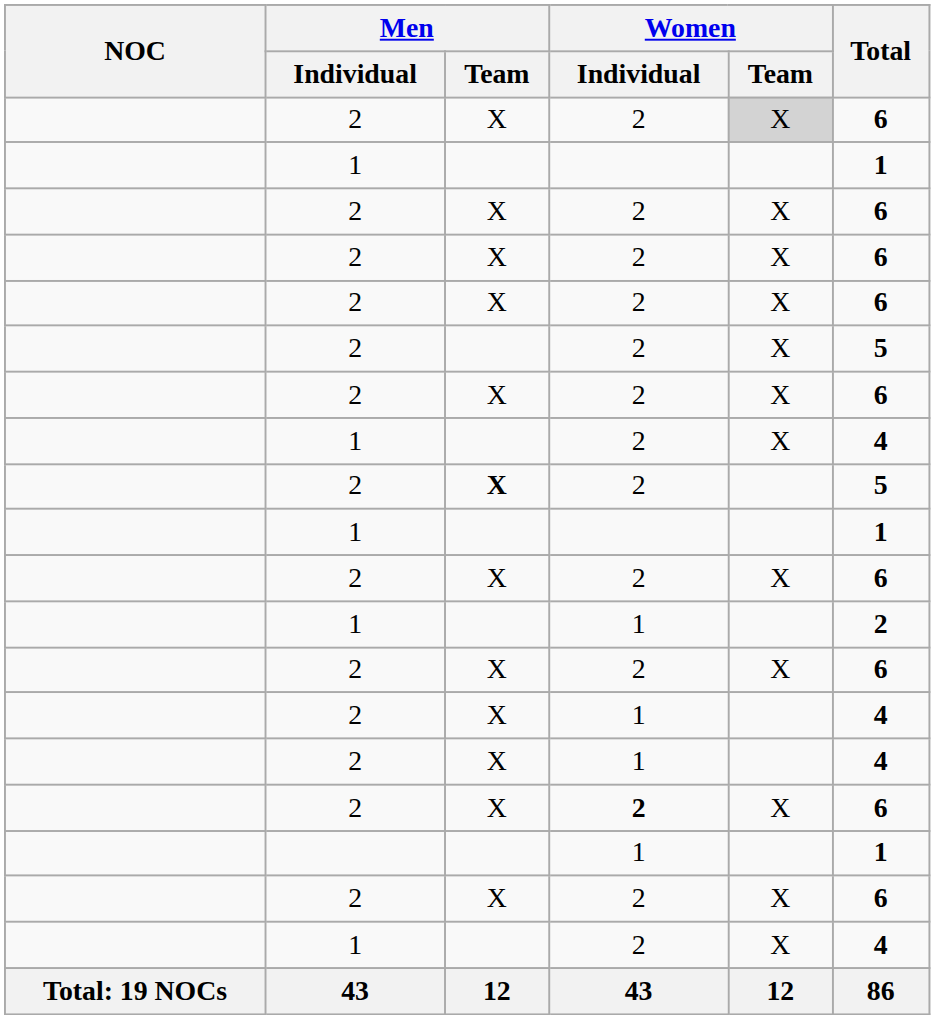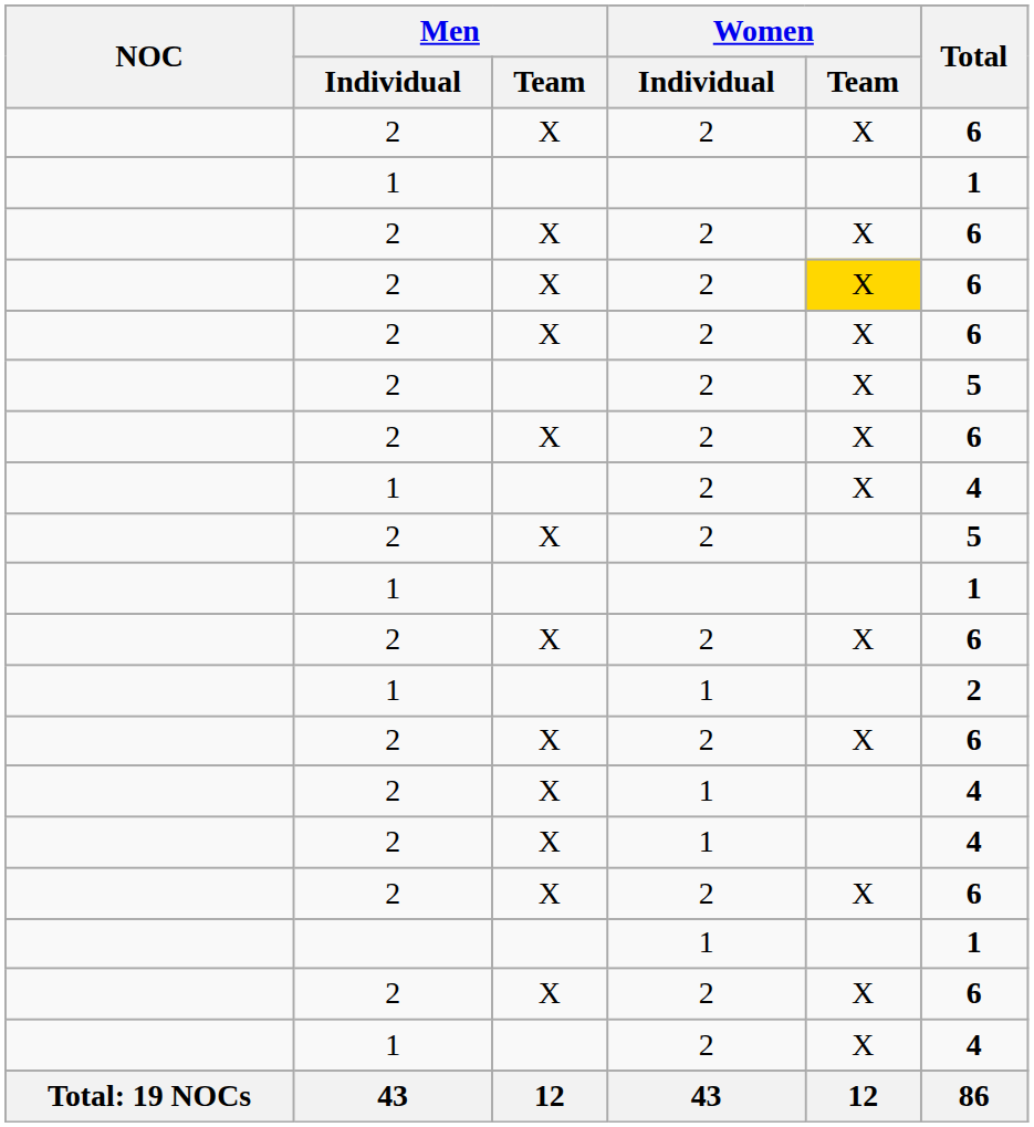 <table class="wikitable" width=480 style="text-align:center; font-size:90%">
 <tr>
 <th rowspan="2" align="center">NOC</th>
 <th colspan="2"><a href='#'>Men</a></th>
 <th colspan="2"><a href='#'>Women</a></th>
 <th rowspan="2">Total</th>
 </tr>
 <tr>
 <th>Individual</th>
 <th>Team</th>
 <th>Individual</th>
 <th>Team</th>
 </tr>
 <tr>
 <td style="text-align:left;"></td>
 <td>2</td>
 <td>X</td>
 <td>2</td>
-<td style="background: lightgrey;">X</td>
+<td>X</td>
 <td><strong>6</strong></td>
 </tr>
 <tr>
 <td style="text-align:left;"></td>
 <td>1</td>
 <td></td>
 <td></td>
 <td></td>
 <td><strong>1</strong></td>
 </tr>
 <tr>
 <td style="text-align:left;"></td>
 <td>2</td>
 <td>X</td>
 <td>2</td>
 <td>X</td>
 <td><strong>6</strong></td>
 </tr>
 <tr>
 <td style="text-align:left;"></td>
 <td>2</td>
 <td>X</td>
 <td>2</td>
-<td>X</td>
+<td style="background: gold;">X</td>
 <td><strong>6</strong></td>
 </tr>
 <tr>
 <td style="text-align:left;"></td>
 <td>2</td>
 <td>X</td>
 <td>2</td>
 <td>X</td>
 <td><strong>6</strong></td>
 </tr>
 <tr>
 <td style="text-align:left;"></td>
 <td>2</td>
 <td></td>
 <td>2</td>
 <td>X</td>
 <td><strong>5</strong></td>
 </tr>
 <tr>
 <td style="text-align:left;"></td>
 <td>2</td>
 <td>X</td>
 <td>2</td>
 <td>X</td>
 <td><strong>6</strong></td>
 </tr>
 <tr>
 <td style="text-align:left;"></td>
 <td>1</td>
 <td></td>
 <td>2</td>
 <td>X</td>
 <td><strong>4</strong></td>
 </tr>
 <tr>
 <td style="text-align:left;"></td>
 <td>2</td>
-<td><strong>X</strong></td>
+<td>X</td>
 <td>2</td>
 <td></td>
 <td><strong>5</strong></td>
 </tr>
 <tr>
 <td style="text-align:left;"></td>
 <td>1</td>
 <td></td>
 <td></td>
 <td></td>
 <td><strong>1</strong></td>
 </tr>
 <tr>
 <td style="text-align:left;"></td>
 <td>2</td>
 <td>X</td>
 <td>2</td>
 <td>X</td>
 <td><strong>6</strong></td>
 </tr>
 <tr>
 <td style="text-align:left;"></td>
 <td>1</td>
 <td></td>
 <td>1</td>
 <td></td>
 <td><strong>2</strong></td>
 </tr>
 <tr>
 <td style="text-align:left;"></td>
 <td>2</td>
 <td>X</td>
 <td>2</td>
 <td>X</td>
 <td><strong>6</strong></td>
 </tr>
 <tr>
 <td style="text-align:left;"></td>
 <td>2</td>
 <td>X</td>
 <td>1</td>
 <td></td>
 <td><strong>4</strong></td>
 </tr>
 <tr>
 <td style="text-align:left;"></td>
 <td>2</td>
 <td>X</td>
 <td>1</td>
 <td></td>
 <td><strong>4</strong></td>
 </tr>
 <tr>
 <td style="text-align:left;"></td>
 <td>2</td>
 <td>X</td>
-<td><strong>2</strong></td>
+<td>2</td>
 <td>X</td>
 <td><strong>6</strong></td>
 </tr>
 <tr>
 <td style="text-align:left;"></td>
 <td></td>
 <td></td>
 <td>1</td>
 <td></td>
 <td><strong>1</strong></td>
 </tr>
 <tr>
 <td style="text-align:left;"></td>
 <td>2</td>
 <td>X</td>
 <td>2</td>
 <td>X</td>
 <td><strong>6</strong></td>
 </tr>
 <tr>
 <td style="text-align:left;"></td>
 <td>1</td>
 <td></td>
 <td>2</td>
 <td>X</td>
 <td><strong>4</strong></td>
 </tr>
 <tr>
 <th>Total: 19 NOCs</th>
 <th>43</th>
 <th>12</th>
 <th>43</th>
 <th>12</th>
 <th>86</th>
 </tr>
 </table>
